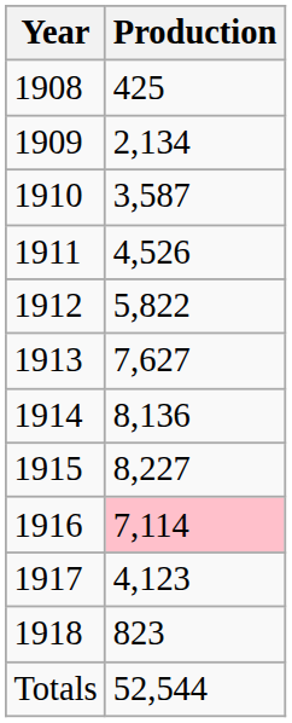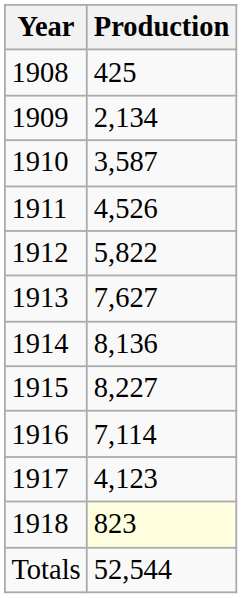 <table class="wikitable sortable">
 <tr>
 <th>Year</th>
 <th>Production</th>
 </tr>
 <tr>
 <td>1908</td>
 <td>425</td>
 </tr>
 <tr>
 <td>1909</td>
 <td>2,134</td>
 </tr>
 <tr>
 <td>1910</td>
 <td>3,587</td>
 </tr>
 <tr>
 <td>1911</td>
 <td>4,526</td>
 </tr>
 <tr>
 <td>1912</td>
 <td>5,822</td>
 </tr>
 <tr>
 <td>1913</td>
 <td>7,627</td>
 </tr>
 <tr>
 <td>1914</td>
 <td>8,136</td>
 </tr>
 <tr>
 <td>1915</td>
 <td>8,227</td>
 </tr>
 <tr>
 <td>1916</td>
-<td style="background: pink;">7,114</td>
+<td>7,114</td>
 </tr>
 <tr>
 <td>1917</td>
 <td>4,123</td>
 </tr>
 <tr>
 <td>1918</td>
-<td>823</td>
+<td style="background: lightyellow;">823</td>
 </tr>
 <tr>
 <td>Totals</td>
 <td>52,544</td>
 </tr>
 </table>
